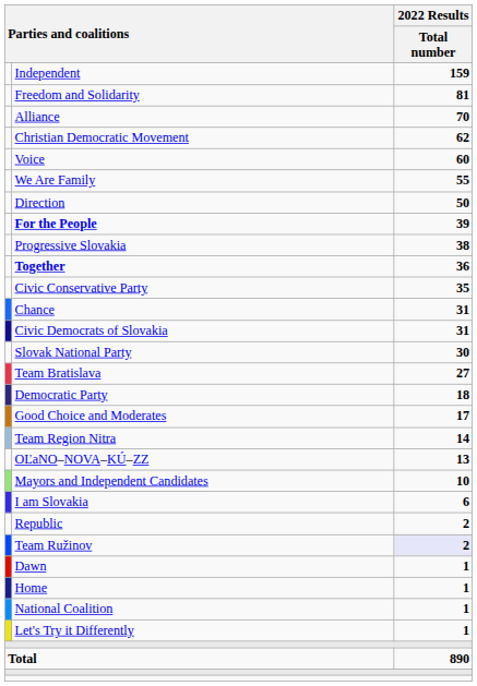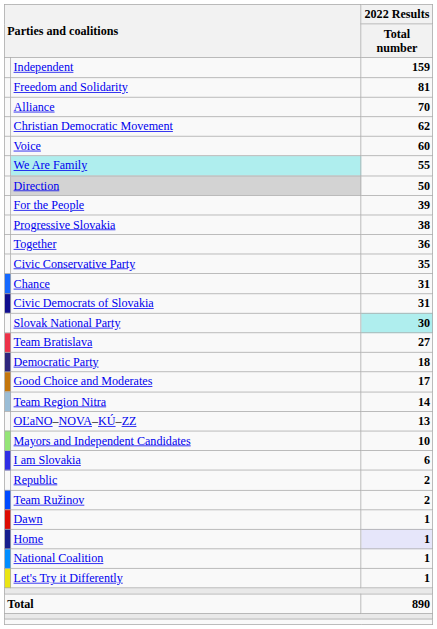 <table class="wikitable" style="text-align:right; font-size:97%;">
 <tr>
 <th style="text-align:left;" rowspan="2" colspan="2" width="450">Parties and coalitions</th>
 <th>2022 Results</th>
 </tr>
 <tr>
 <th width="85">Total number</th>
 </tr>
 <tr>
 <td width="1" style="color:inherit;background:"></td>
 <td align="left"><a href='#'>Independent</a></td>
 <td><strong>159</strong></td>
 </tr>
 <tr>
 <td style="color:inherit;background:"></td>
 <td align="left"><a href='#'>Freedom and Solidarity</a></td>
 <td><strong>81</strong></td>
 </tr>
 <tr>
 <td style="color:inherit;background:"></td>
 <td align="left"><a href='#'>Alliance</a></td>
 <td><strong>70</strong></td>
 </tr>
 <tr>
 <td style="color:inherit;background:"></td>
 <td align="left"><a href='#'>Christian Democratic Movement</a></td>
 <td><strong>62</strong></td>
 </tr>
 <tr>
 <td style="color:inherit;background:"></td>
 <td align="left"><a href='#'>Voice</a></td>
 <td><strong>60</strong></td>
 </tr>
 <tr>
 <td style="color:inherit;background:"></td>
-<td align="left"><a href='#'>We Are Family</a></td>
+<td align="left" style="background: paleturquoise;"><a href='#'>We Are Family</a></td>
 <td><strong>55</strong></td>
 </tr>
 <tr>
 <td style="color:inherit;background:"></td>
-<td align="left"><a href='#'>Direction</a></td>
+<td align="left" style="background: lightgrey;"><a href='#'>Direction</a></td>
 <td><strong>50</strong></td>
 </tr>
 <tr>
 <td style="color:inherit;background:"></td>
-<td align="left"><strong><a href='#'>For the People</a></strong></td>
+<td align="left"><a href='#'>For the People</a></td>
 <td><strong>39</strong></td>
 </tr>
 <tr>
 <td style="color:inherit;background:"></td>
 <td align="left"><a href='#'>Progressive Slovakia</a></td>
 <td><strong>38</strong></td>
 </tr>
 <tr>
 <td style="color:inherit;background:"></td>
-<td align="left"><strong><a href='#'>Together</a></strong></td>
+<td align="left"><a href='#'>Together</a></td>
 <td><strong>36</strong></td>
 </tr>
 <tr>
 <td style="color:inherit;background:"></td>
 <td align="left"><a href='#'>Civic Conservative Party</a></td>
 <td><strong>35</strong></td>
 </tr>
 <tr>
 <td style="color:inherit;background:#176AFF"></td>
 <td align="left"><a href='#'>Chance</a></td>
 <td><strong>31</strong></td>
 </tr>
 <tr>
 <td style="color:inherit;background:#100E8E"></td>
 <td align="left"><a href='#'>Civic Democrats of Slovakia</a></td>
 <td><strong>31</strong></td>
 </tr>
 <tr>
 <td style="color:inherit;background:"></td>
 <td align="left"><a href='#'>Slovak National Party</a></td>
-<td><strong>30</strong></td>
+<td style="background: paleturquoise;"><strong>30</strong></td>
 </tr>
 <tr>
 <td style="color:inherit;background:#ED3249"></td>
 <td align="left"><a href='#'>Team Bratislava</a></td>
 <td><strong>27</strong></td>
 </tr>
 <tr>
 <td style="color:inherit;background:#2F267D"></td>
 <td align="left"><a href='#'>Democratic Party</a></td>
 <td><strong>18</strong></td>
 </tr>
 <tr>
 <td style="color:inherit;background:#C4760C"></td>
 <td align="left"><a href='#'>Good Choice and Moderates</a></td>
 <td><strong>17</strong></td>
 </tr>
 <tr>
 <td style="color:inherit;background:#9ABDD6"></td>
 <td align="left"><a href='#'>Team Region Nitra</a></td>
 <td><strong>14</strong></td>
 </tr>
 <tr>
 <td style="color:inherit;background:"></td>
 <td align="left"><a href='#'>OĽaNO</a>–<a href='#'>NOVA</a>–<a href='#'>KÚ</a>–<a href='#'>ZZ</a></td>
 <td><strong>13</strong></td>
 </tr>
 <tr>
 <td style="color:inherit;background:#94E577"></td>
 <td align="left"><a href='#'>Mayors and Independent Candidates</a></td>
 <td><strong>10</strong></td>
 </tr>
 <tr>
 <td style="color:inherit;background:#302EE5"></td>
 <td align="left"><a href='#'>I am Slovakia</a></td>
 <td><strong>6</strong></td>
 </tr>
 <tr>
 <td style="color:inherit;background:"></td>
 <td align="left"><a href='#'>Republic</a></td>
 <td><strong>2</strong></td>
 </tr>
 <tr>
 <td style="color:inherit;background:#004AFF"></td>
 <td align="left"><a href='#'>Team Ružinov</a></td>
-<td style="background: lavender;"><strong>2</strong></td>
+<td><strong>2</strong></td>
 </tr>
 <tr>
 <td style="color:inherit;background:#DD0C03"></td>
 <td align="left"><a href='#'>Dawn</a></td>
 <td><strong>1</strong></td>
 </tr>
 <tr>
 <td style="color:inherit;background:#171E8E"></td>
 <td align="left"><a href='#'>Home</a></td>
-<td><strong>1</strong></td>
+<td style="background: lavender;"><strong>1</strong></td>
 </tr>
 <tr>
 <td style="color:inherit;background:#008EFF"></td>
 <td align="left"><a href='#'>National Coalition</a></td>
 <td><strong>1</strong></td>
 </tr>
 <tr>
 <td style="color:inherit;background:#EAE513"></td>
 <td align="left"><a href='#'>Let's Try it Differently</a></td>
 <td><strong>1</strong></td>
 </tr>
 <tr>
 <td colspan="3" bgcolor="#E9E9E9"></td>
 </tr>
 <tr>
 <td align="left" colspan="2"><strong>Total</strong></td>
 <td><strong>890</strong></td>
 </tr>
 <tr>
 <td colspan="3" bgcolor="#E9E9E9"></td>
 </tr>
 <tr>
 <td colspan="3"></td>
 </tr>
 </table>
